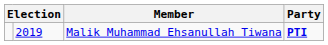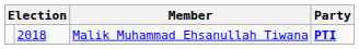 <table class="wikitable">
 <tr>
 <th colspan="2">Election</th>
 <th>Member</th>
 <th>Party</th>
 </tr>
 <tr>
 <td style="background-color: "></td>
-<td><a href='#'>2019</a></td>
+<td><a href='#'>2018</a></td>
 <td><a href='#'>Malik Muhammad Ehsanullah Tiwana</a></td>
 <td><strong><a href='#'>PTI</a></strong></td>
 </tr>
 </table>
